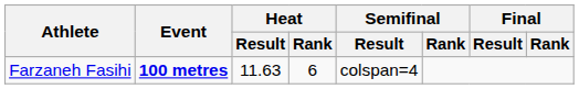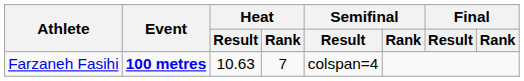 <table class="wikitable" style="font-size:90%">
 <tr>
 <th rowspan="2">Athlete</th>
 <th rowspan="2">Event</th>
 <th colspan="2">Heat</th>
 <th colspan="2">Semifinal</th>
 <th colspan="2">Final</th>
 </tr>
 <tr style="font-size:95%">
 <th>Result</th>
 <th>Rank</th>
 <th>Result</th>
 <th>Rank</th>
 <th>Result</th>
 <th>Rank</th>
 </tr>
 <tr align=center>
 <td align=left><a href='#'>Farzaneh Fasihi</a></td>
 <td align=left><strong><a href='#'>100 metres</a></strong></td>
-<td>11.63</td>
-<td>6</td>
+<td>10.63</td>
+<td>7</td>
 <td>colspan=4 </td>
 </tr>
 </table>
